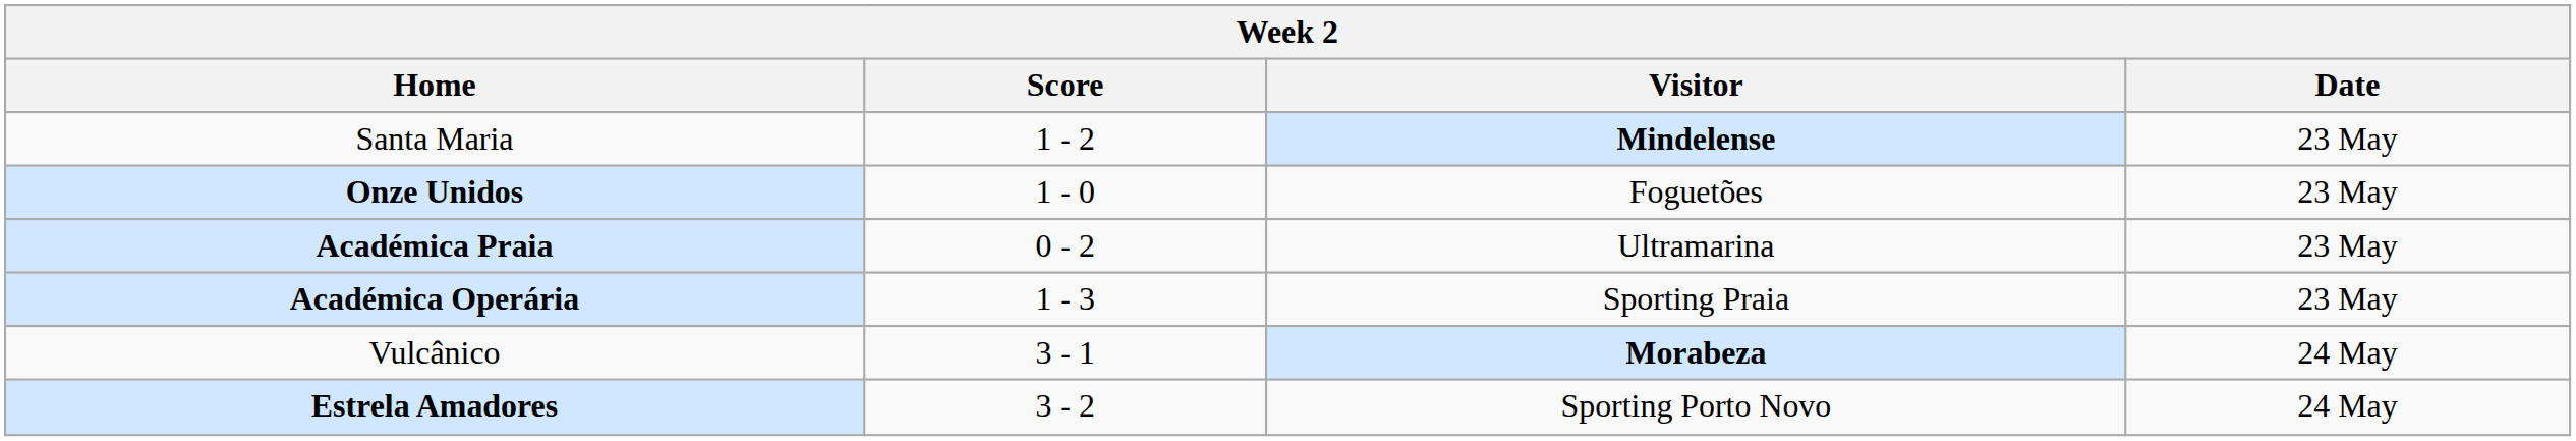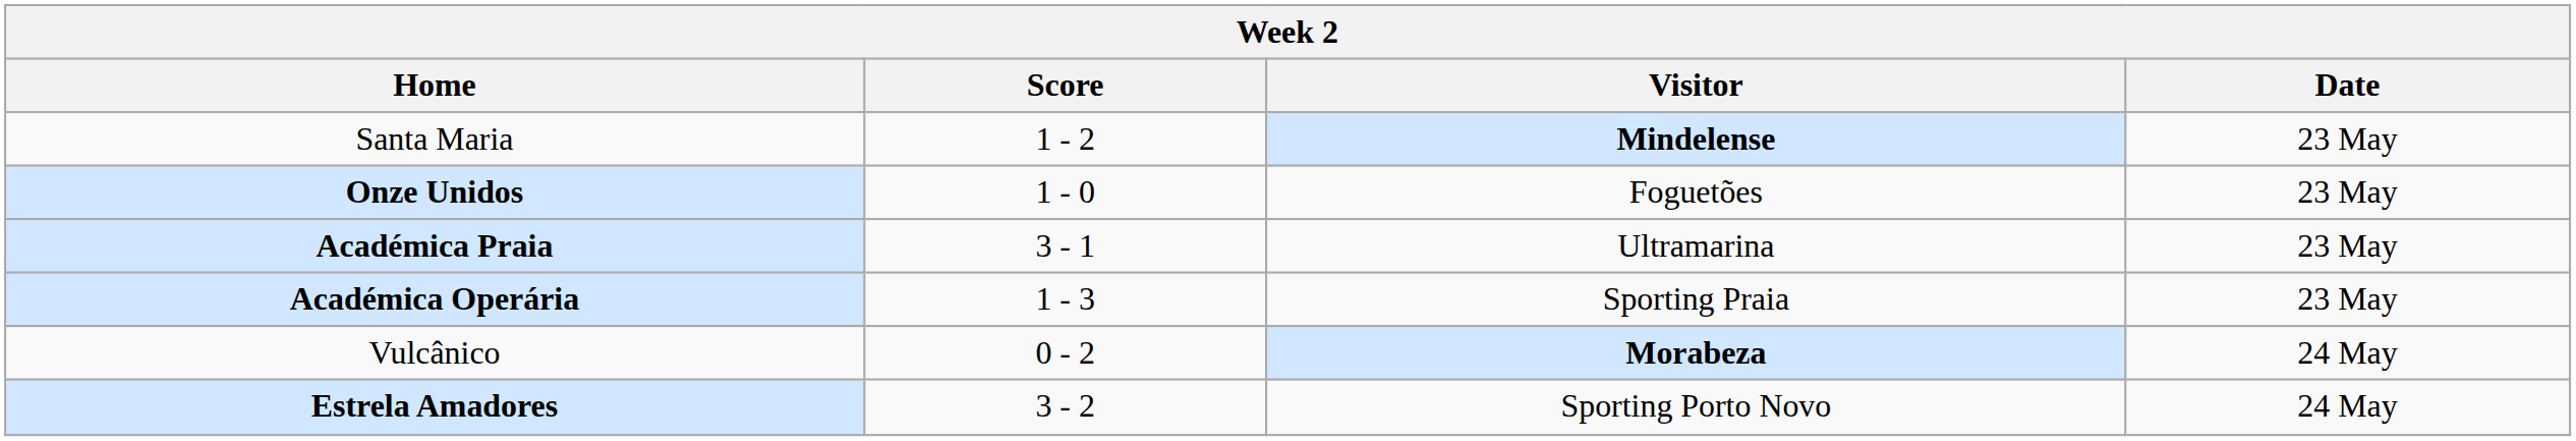 <table class="wikitable" style="font-size:95%; text-align: center; width: 95%;">
 <tr>
 <th colspan="12" style="with: 100%;" align=center>Week 2</th>
 </tr>
 <tr>
 <th width="200">Home</th>
 <th width="90">Score</th>
 <th width="200">Visitor</th>
 <th width="100">Date</th>
 </tr>
 <tr align=center>
 <td>Santa Maria</td>
 <td>1 - 2</td>
 <td bgcolor=#D0E7FF><strong>Mindelense</strong></td>
 <td>23 May</td>
 </tr>
 <tr align=center>
 <td bgcolor=#D0E7FF><strong>Onze Unidos</strong></td>
 <td>1 - 0</td>
 <td>Foguetões</td>
 <td>23 May</td>
 </tr>
 <tr align=center>
 <td bgcolor=#D0E7FF><strong>Académica Praia</strong></td>
-<td>0 - 2</td>
+<td>3 - 1</td>
 <td>Ultramarina</td>
 <td>23 May</td>
 </tr>
 <tr align=center>
 <td bgcolor=#D0E7FF><strong>Académica Operária</strong></td>
 <td>1 - 3</td>
 <td>Sporting Praia</td>
 <td>23 May</td>
 </tr>
 <tr align=center>
 <td>Vulcânico</td>
-<td>3 - 1</td>
+<td>0 - 2</td>
 <td bgcolor=#D0E7FF><strong>Morabeza</strong></td>
 <td>24 May</td>
 </tr>
 <tr align=center>
 <td bgcolor=#D0E7FF><strong>Estrela Amadores</strong></td>
 <td>3 - 2</td>
 <td>Sporting Porto Novo</td>
 <td>24 May</td>
 </tr>
 </table>
